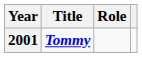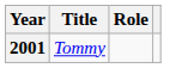 <table class="wikitable plainrowheaders">
 <tr>
 <th scope="col">Year</th>
 <th scope="col">Title</th>
 <th scope="col">Role</th>
 <th scope="col" class="unsortable"></th>
 </tr>
 <tr>
 <th scope="row">2001</th>
-<td><strong><em><a href='#'>Tommy</a></em></strong></td>
+<td><em><a href='#'>Tommy</a></em></td>
 <td style="text-align:center"></td>
 </tr>
 </table>
